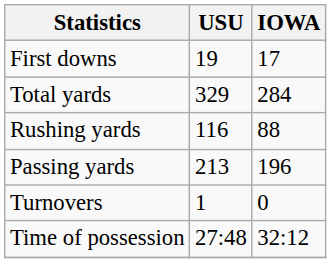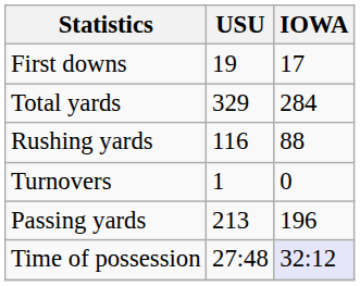 <table class="wikitable">
 <tr>
 <th>Statistics</th>
 <th>USU</th>
 <th>IOWA</th>
 </tr>
 <tr>
 <td>First downs</td>
 <td>19</td>
 <td>17</td>
 </tr>
 <tr>
 <td>Total yards</td>
 <td>329</td>
 <td>284</td>
 </tr>
 <tr>
 <td>Rushing yards</td>
 <td>116</td>
 <td>88</td>
 </tr>
 <tr>
+<td>Turnovers</td>
+<td>1</td>
+<td>0</td>
+</tr>
+<tr>
 <td>Passing yards</td>
 <td>213</td>
 <td>196</td>
 </tr>
 <tr>
-<td>Turnovers</td>
-<td>1</td>
-<td>0</td>
-</tr>
-<tr>
 <td>Time of possession</td>
 <td>27:48</td>
-<td>32:12</td>
+<td style="background: lavender;">32:12</td>
 </tr>
 <tr>
 </tr>
 </table>
